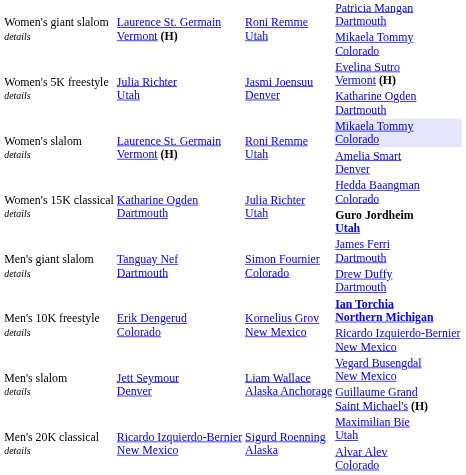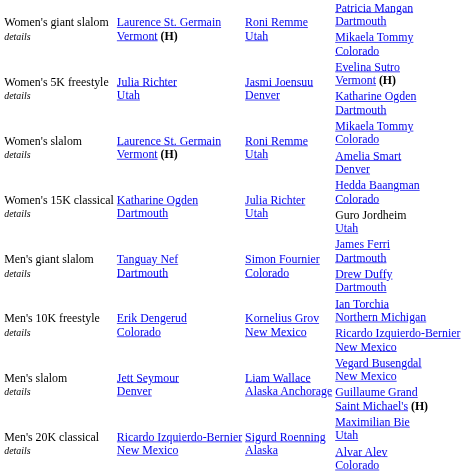 <table>
 <tr>
 <td rowspan=2>Women's giant slalom<br><small><em>details</em></small></td>
 <td rowspan=2><a href='#'>Laurence St. Germain</a><br> <a href='#'>Vermont</a> <strong>(H)</strong></td>
 <td rowspan=2><a href='#'>Roni Remme</a><br> <a href='#'>Utah</a></td>
 <td><a href='#'>Patricia Mangan</a><br> <a href='#'>Dartmouth</a></td>
 </tr>
 <tr>
 <td><a href='#'>Mikaela Tommy</a><br> <a href='#'>Colorado</a></td>
 </tr>
 <tr>
 <td rowspan=2>Women's 5K freestyle<br><small><em>details</em></small></td>
 <td rowspan=2><a href='#'>Julia Richter</a><br> <a href='#'>Utah</a></td>
 <td rowspan=2><a href='#'>Jasmi Joensuu</a><br> <a href='#'>Denver</a></td>
 <td><a href='#'>Evelina Sutro</a><br> <a href='#'>Vermont</a> <strong>(H)</strong></td>
 </tr>
 <tr>
 <td><a href='#'>Katharine Ogden</a><br> <a href='#'>Dartmouth</a></td>
 </tr>
 <tr>
 <td rowspan=2>Women's slalom<br><small><em>details</em></small></td>
 <td rowspan=2><a href='#'>Laurence St. Germain</a><br> <a href='#'>Vermont</a> <strong>(H)</strong></td>
 <td rowspan=2><a href='#'>Roni Remme</a><br> <a href='#'>Utah</a></td>
-<td style="background: lavender;"><a href='#'>Mikaela Tommy</a><br> <a href='#'>Colorado</a></td>
+<td><a href='#'>Mikaela Tommy</a><br> <a href='#'>Colorado</a></td>
 </tr>
 <tr>
 <td><a href='#'>Amelia Smart</a><br> <a href='#'>Denver</a></td>
 </tr>
 <tr>
 <td rowspan=2>Women's 15K classical<br><small><em>details</em></small></td>
 <td rowspan=2><a href='#'>Katharine Ogden</a><br> <a href='#'>Dartmouth</a></td>
 <td rowspan=2><a href='#'>Julia Richter</a><br> <a href='#'>Utah</a></td>
 <td><a href='#'>Hedda Baangman</a><br> <a href='#'>Colorado</a></td>
 </tr>
 <tr>
-<td><strong>Guro Jordheim<br> <a href='#'>Utah</a></strong></td>
+<td>Guro Jordheim<br> <a href='#'>Utah</a></td>
 </tr>
 <tr>
 <td rowspan=2>Men's giant slalom<br><small><em>details</em></small></td>
 <td rowspan=2><a href='#'>Tanguay Nef</a><br> <a href='#'>Dartmouth</a></td>
 <td rowspan=2><a href='#'>Simon Fournier</a><br> <a href='#'>Colorado</a></td>
 <td><a href='#'>James Ferri</a><br> <a href='#'>Dartmouth</a></td>
 </tr>
 <tr>
 <td><a href='#'>Drew Duffy</a><br> <a href='#'>Dartmouth</a></td>
 </tr>
 <tr>
 <td rowspan=2>Men's 10K freestyle<br><small><em>details</em></small></td>
 <td rowspan=2><a href='#'>Erik Dengerud</a><br> <a href='#'>Colorado</a></td>
 <td rowspan=2><a href='#'>Kornelius Grov</a><br> <a href='#'>New Mexico</a></td>
-<td><strong><a href='#'>Ian Torchia</a><br> <a href='#'>Northern Michigan</a></strong></td>
+<td><a href='#'>Ian Torchia</a><br> <a href='#'>Northern Michigan</a></td>
 </tr>
 <tr>
 <td><a href='#'>Ricardo Izquierdo-Bernier</a><br> <a href='#'>New Mexico</a></td>
 </tr>
 <tr>
 <td rowspan=2>Men's slalom<br><small><em>details</em></small></td>
 <td rowspan=2><a href='#'>Jett Seymour</a><br> <a href='#'>Denver</a></td>
 <td rowspan=2><a href='#'>Liam Wallace</a><br> <a href='#'>Alaska Anchorage</a></td>
 <td><a href='#'>Vegard Busengdal</a><br> <a href='#'>New Mexico</a></td>
 </tr>
 <tr>
 <td><a href='#'>Guillaume Grand</a><br> <a href='#'>Saint Michael's</a> <strong>(H)</strong></td>
 </tr>
 <tr>
 <td rowspan=2>Men's 20K classical<br><small><em>details</em></small></td>
 <td rowspan=2><a href='#'>Ricardo Izquierdo-Bernier</a><br> <a href='#'>New Mexico</a></td>
 <td rowspan=2><a href='#'>Sigurd Roenning</a><br> <a href='#'>Alaska</a></td>
 <td><a href='#'>Maximilian Bie</a><br> <a href='#'>Utah</a></td>
 </tr>
 <tr>
 <td><a href='#'>Alvar Alev</a><br> <a href='#'>Colorado</a></td>
 </tr>
 </table>
